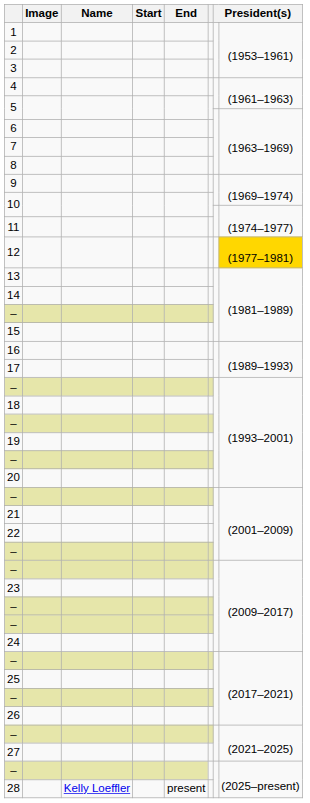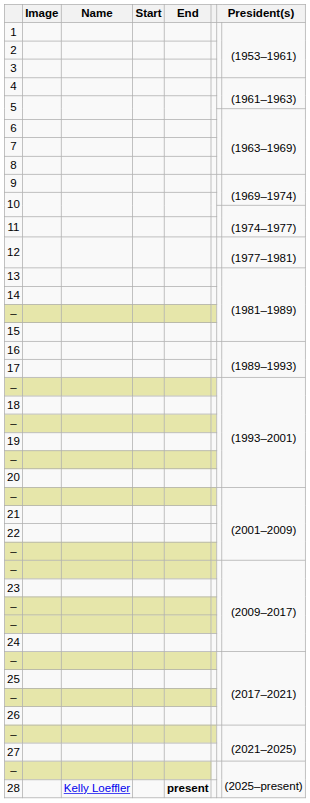 <table class="wikitable sortable plainrowheaders" style="text-align:center">
 <tr>
 <th></th>
 <th class=unsortable>Image</th>
 <th>Name</th>
 <th>Start</th>
 <th>End</th>
 <th class=unsortable></th>
 <th colspan=2>President(s)</th>
 </tr>
 <tr>
 <td>1</td>
 <td></td>
 <td></td>
 <td></td>
 <td></td>
 <td></td>
 <td rowspan=3 style="background: "></td>
 <td rowspan=3><br>(1953–1961)</td>
 </tr>
 <tr>
 <td>2</td>
 <td></td>
 <td></td>
 <td></td>
 <td></td>
 <td></td>
 </tr>
 <tr>
 <td>3</td>
 <td></td>
 <td></td>
 <td></td>
 <td></td>
 <td></td>
 </tr>
 <tr>
 <td>4</td>
 <td></td>
 <td></td>
 <td></td>
 <td></td>
 <td></td>
 <td rowspan=2 style="background: "></td>
 <td rowspan=2><br>(1961–1963)</td>
 </tr>
 <tr>
 <td rowspan="2">5</td>
 <td rowspan="2" style="padding-top: 1em; padding-bottom: 1em;"></td>
 <td rowspan=2 style="padding-top: 1em; padding-bottom: 1em;"></td>
 <td rowspan=2 style="padding-top: 1em; padding-bottom: 1em;"></td>
 <td rowspan=2 style="padding-top: 1em; padding-bottom: 1em;"></td>
 <td rowspan=2 style="padding-top: 1em; padding-bottom: 1em;"></td>
 </tr>
 <tr>
 <td rowspan=4 style="background: "></td>
 <td rowspan=4><br>(1963–1969)</td>
 </tr>
 <tr>
 <td>6</td>
 <td></td>
 <td></td>
 <td></td>
 <td></td>
 <td></td>
 </tr>
 <tr>
 <td>7</td>
 <td></td>
 <td></td>
 <td></td>
 <td></td>
 <td></td>
 </tr>
 <tr>
 <td>8</td>
 <td></td>
 <td></td>
 <td></td>
 <td></td>
 <td></td>
 </tr>
 <tr>
 <td>9</td>
 <td></td>
 <td></td>
 <td></td>
 <td></td>
 <td></td>
 <td rowspan=2 style="background: "></td>
 <td rowspan=2><br>(1969–1974)</td>
 </tr>
 <tr>
 <td rowspan="2">10</td>
 <td rowspan="2" style="padding-top: 1em; padding-bottom: 1em;"></td>
 <td rowspan=2 style="padding-top: 1em; padding-bottom: 1em;"></td>
 <td rowspan=2 style="padding-top: 1em; padding-bottom: 1em;"></td>
 <td rowspan=2 style="padding-top: 1em; padding-bottom: 1em;"></td>
 <td rowspan=2 style="padding-top: 1em; padding-bottom: 1em;"></td>
 </tr>
 <tr>
 <td rowspan=2 style="background: "></td>
 <td rowspan=2><br>(1974–1977)</td>
 </tr>
 <tr>
 <td>11</td>
 <td></td>
 <td></td>
 <td></td>
 <td></td>
 <td></td>
 </tr>
 <tr>
 <td>12</td>
 <td></td>
 <td></td>
 <td></td>
 <td></td>
 <td></td>
 <td rowspan="1" style="background: "></td>
-<td style="background: gold;"><br>(1977–1981)</td>
+<td><br>(1977–1981)</td>
 </tr>
 <tr>
 <td>13</td>
 <td></td>
 <td></td>
 <td></td>
 <td></td>
 <td></td>
 <td rowspan=4 style="background: "></td>
 <td rowspan=4><br>(1981–1989)</td>
 </tr>
 <tr>
 <td>14</td>
 <td></td>
 <td></td>
 <td></td>
 <td></td>
 <td></td>
 </tr>
 <tr>
 <td bgcolor="#E6E6AA">–</td>
 <td bgcolor="#E6E6AA"></td>
 <td bgcolor="#E6E6AA"><br></td>
 <td bgcolor="#E6E6AA"></td>
 <td bgcolor="#E6E6AA"></td>
 <td bgcolor="#E6E6AA"></td>
 </tr>
 <tr>
 <td>15</td>
 <td></td>
 <td></td>
 <td></td>
 <td></td>
 </tr>
 <tr>
 <td>16</td>
 <td></td>
 <td></td>
 <td></td>
 <td></td>
 <td></td>
 <td rowspan=2 style="background: "></td>
 <td rowspan=2><br>(1989–1993)</td>
 </tr>
 <tr>
 <td>17</td>
 <td></td>
 <td></td>
 <td></td>
 <td></td>
 <td></td>
 </tr>
 <tr>
 <td bgcolor="#E6E6AA">–</td>
 <td bgcolor="#E6E6AA"></td>
 <td bgcolor="#E6E6AA"><br> </td>
 <td bgcolor="#E6E6AA"></td>
 <td bgcolor="#E6E6AA"></td>
 <td bgcolor="#E6E6AA"></td>
 <td rowspan=6 style="background: "></td>
 <td rowspan=6><br>(1993–2001)</td>
 </tr>
 <tr>
 <td>18</td>
 <td></td>
 <td></td>
 <td></td>
 <td></td>
 <td></td>
 </tr>
 <tr>
 <td bgcolor="#E6E6AA">–</td>
 <td bgcolor="#E6E6AA"></td>
 <td bgcolor="#E6E6AA"><br> </td>
 <td bgcolor="#E6E6AA"></td>
 <td bgcolor="#E6E6AA"></td>
 <td bgcolor="#E6E6AA"></td>
 </tr>
 <tr>
 <td>19</td>
 <td></td>
 <td></td>
 <td></td>
 <td></td>
 <td></td>
 </tr>
 <tr>
 <td bgcolor="#E6E6AA">–</td>
 <td bgcolor="#E6E6AA"></td>
 <td bgcolor="#E6E6AA"><br> </td>
 <td bgcolor="#E6E6AA"></td>
 <td bgcolor="#E6E6AA"></td>
 <td bgcolor="#E6E6AA"></td>
 </tr>
 <tr>
 <td>20</td>
 <td></td>
 <td></td>
 <td></td>
 <td></td>
 <td></td>
 </tr>
 <tr>
 <td bgcolor="#E6E6AA">–</td>
 <td bgcolor="#E6E6AA"></td>
 <td bgcolor="#E6E6AA"><br> </td>
 <td bgcolor="#E6E6AA"></td>
 <td bgcolor="#E6E6AA"></td>
 <td bgcolor="#E6E6AA"></td>
 <td rowspan=4 style="background: "></td>
 <td rowspan=4><br>(2001–2009)</td>
 </tr>
 <tr>
 <td>21</td>
 <td></td>
 <td></td>
 <td></td>
 <td></td>
 <td></td>
 </tr>
 <tr>
 <td>22</td>
 <td></td>
 <td></td>
 <td></td>
 <td></td>
 <td></td>
 </tr>
 <tr>
 <td bgcolor="#E6E6AA">–</td>
 <td bgcolor="#E6E6AA"></td>
 <td bgcolor="#E6E6AA"><br> </td>
 <td bgcolor="#E6E6AA"></td>
 <td bgcolor="#E6E6AA"></td>
 <td bgcolor="#E6E6AA"></td>
 </tr>
 <tr>
 <td bgcolor="#E6E6AA">–</td>
 <td bgcolor="#E6E6AA"></td>
 <td bgcolor="#E6E6AA"><br> </td>
 <td bgcolor="#E6E6AA"></td>
 <td bgcolor="#E6E6AA"></td>
 <td bgcolor="#E6E6AA"></td>
 <td rowspan=5 style="background: "></td>
 <td rowspan=5><br>(2009–2017)</td>
 </tr>
 <tr>
 <td>23</td>
 <td></td>
 <td></td>
 <td></td>
 <td></td>
 <td></td>
 </tr>
 <tr>
 <td bgcolor="#E6E6AA">–</td>
 <td bgcolor="#E6E6AA"></td>
 <td bgcolor="#E6E6AA"><br></td>
 <td bgcolor="#E6E6AA"></td>
 <td bgcolor="#E6E6AA"></td>
 <td bgcolor="#E6E6AA"></td>
 </tr>
 <tr>
 <td bgcolor="#E6E6AA">–</td>
 <td bgcolor="#E6E6AA"></td>
 <td bgcolor="#E6E6AA"><br></td>
 <td bgcolor="#E6E6AA"></td>
 <td bgcolor="#E6E6AA"></td>
 <td bgcolor="#E6E6AA"></td>
 </tr>
 <tr>
 <td>24</td>
 <td></td>
 <td></td>
 <td></td>
 <td></td>
 <td></td>
 </tr>
 <tr>
 <td bgcolor="#E6E6AA">–</td>
 <td bgcolor="#E6E6AA"></td>
 <td bgcolor="#E6E6AA"><br> </td>
 <td bgcolor="#E6E6AA"></td>
 <td bgcolor="#E6E6AA"></td>
 <td bgcolor="#E6E6AA"></td>
 <td rowspan=4 style="background: "></td>
 <td rowspan=4><br>(2017–2021)</td>
 </tr>
 <tr>
 <td>25</td>
 <td></td>
 <td></td>
 <td></td>
 <td></td>
 <td></td>
 </tr>
 <tr>
 <td bgcolor="#E6E6AA">–</td>
 <td bgcolor="#E6E6AA"></td>
 <td bgcolor="#E6E6AA"><br></td>
 <td bgcolor="#E6E6AA"></td>
 <td bgcolor="#E6E6AA"></td>
 <td bgcolor="#E6E6AA"></td>
 </tr>
 <tr>
 <td>26</td>
 <td></td>
 <td></td>
 <td></td>
 <td></td>
 <td></td>
 </tr>
 <tr>
 <td bgcolor="#E6E6AA">–</td>
 <td bgcolor="#E6E6AA"></td>
 <td bgcolor="#E6E6AA"><br></td>
 <td bgcolor="#E6E6AA"></td>
 <td bgcolor="#E6E6AA"></td>
 <td bgcolor="#E6E6AA"></td>
 <td rowspan=2 style="background: "></td>
 <td rowspan=2><br>(2021–2025)</td>
 </tr>
 <tr>
 <td>27</td>
 <td></td>
 <td></td>
 <td></td>
 <td></td>
 <td></td>
 </tr>
 <tr>
 <td bgcolor="#E6E6AA">–</td>
 <td bgcolor="#E6E6AA"></td>
 <td bgcolor="#E6E6AA"><br></td>
 <td bgcolor="#E6E6AA"></td>
 <td bgcolor="#E6E6AA"></td>
 <td></td>
 <td rowspan=2 style="background: "></td>
 <td rowspan="2"><br>(2025–present)</td>
 </tr>
 <tr>
 <td>28</td>
 <td></td>
 <td><a href='#'>Kelly Loeffler</a></td>
 <td></td>
-<td>present</td>
+<td><strong>present</strong></td>
 <td></td>
 </tr>
 </table>
